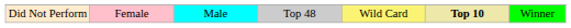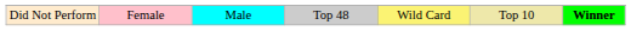 <table class="wikitable" style="margin:1em auto; text-align:center;">
 <tr>
 </tr>
 <tr>
 <td style="background:#FFEBCD;" width="15%">Did Not Perform</td>
 <td style="background:pink;" width="15%">Female</td>
 <td style="background:cyan;" width="15%">Male</td>
 <td style="background:#CCCCCC;" width="15%">Top 48</td>
 <td style="background:#fbf373; width:15%;">Wild Card</td>
-<td style="background:palegoldenrod;" width="15%"><strong>Top 10</strong></td>
-<td style="background:lime;" width="15%">Winner</td>
+<td style="background:palegoldenrod;" width="15%">Top 10</td>
+<td style="background:lime;" width="15%"><strong>Winner</strong></td>
 </tr>
 </table>
